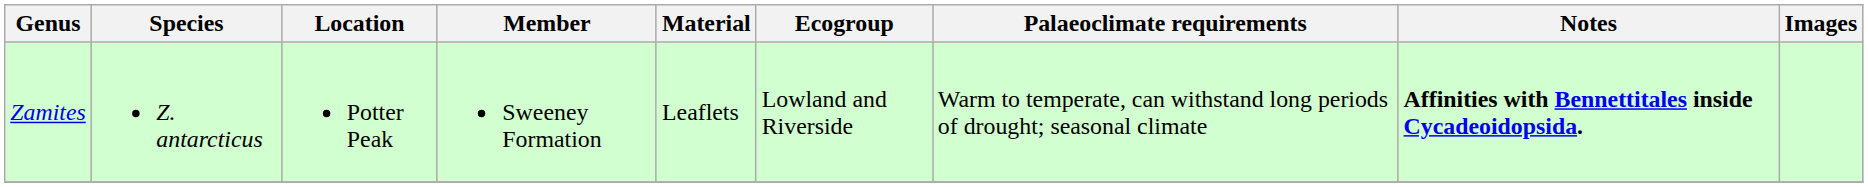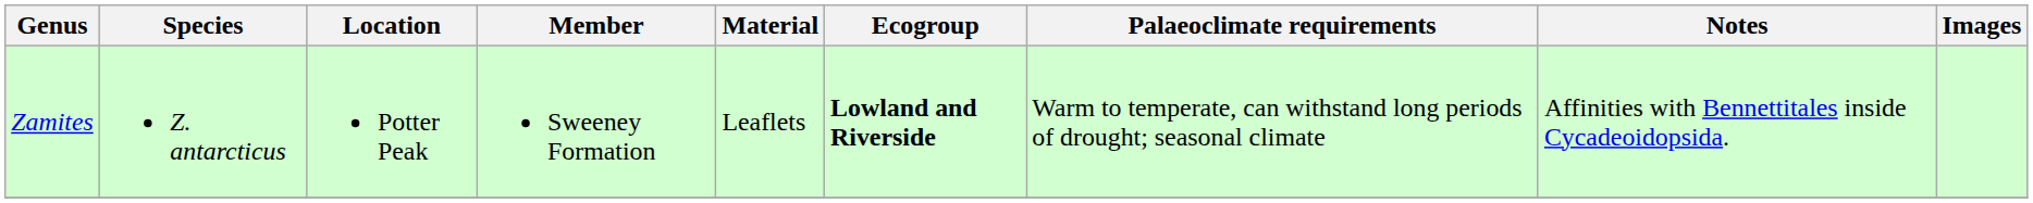 <table class="wikitable sortable">
 <tr>
 <th>Genus</th>
 <th>Species</th>
 <th>Location</th>
 <th>Member</th>
 <th>Material</th>
 <th>Ecogroup</th>
 <th>Palaeoclimate requirements</th>
 <th>Notes</th>
 <th>Images</th>
 </tr>
 <tr>
 <td style="background:#D1FFCF;"><em><a href='#'>Zamites</a></em></td>
 <td style="background:#D1FFCF;"><br><ul><li><em>Z. antarcticus</em></li></ul></td>
 <td style="background:#D1FFCF;"><br><ul><li>Potter Peak</li></ul></td>
 <td style="background:#D1FFCF;"><br><ul><li>Sweeney Formation</li></ul></td>
 <td style="background:#D1FFCF;">Leaflets</td>
-<td style="background:#D1FFCF;">Lowland and Riverside</td>
+<td style="background:#D1FFCF;"><strong>Lowland and Riverside</strong></td>
 <td style="background:#D1FFCF;">Warm to temperate, can withstand long periods of drought; seasonal climate</td>
-<td style="background:#D1FFCF;"><strong>Affinities with <a href='#'>Bennettitales</a> inside <a href='#'>Cycadeoidopsida</a>.</strong></td>
+<td style="background:#D1FFCF;">Affinities with <a href='#'>Bennettitales</a> inside <a href='#'>Cycadeoidopsida</a>.</td>
 <td style="background:#D1FFCF;"></td>
 </tr>
 <tr>
 </tr>
 </table>
